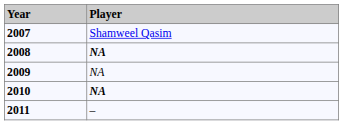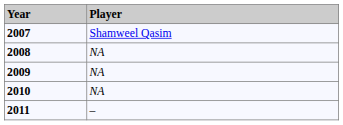 <table bgcolor="#f7f8ff" cellpadding="3" cellspacing="0" border="1" style="font-size: 95%; border: gray solid 1px; border-collapse: collapse;">
 <tr bgcolor="#CCCCCC">
 <td width="100"><strong>Year</strong></td>
 <td width="320"><strong>Player</strong></td>
 </tr>
 <tr>
 <td><strong>2007</strong></td>
 <td> <a href='#'>Shamweel Qasim</a></td>
 </tr>
 <tr>
 <td><strong>2008</strong></td>
-<td><strong><em>NA</em></strong></td>
+<td><em>NA</em></td>
 </tr>
 <tr>
 <td><strong>2009</strong></td>
 <td><em>NA</em></td>
 </tr>
 <tr>
 <td><strong>2010</strong></td>
-<td><strong><em>NA</em></strong></td>
+<td><em>NA</em></td>
 </tr>
 <tr>
 <td><strong>2011</strong></td>
 <td><em>–</em></td>
 </tr>
 </table>
